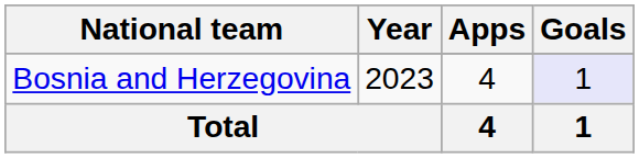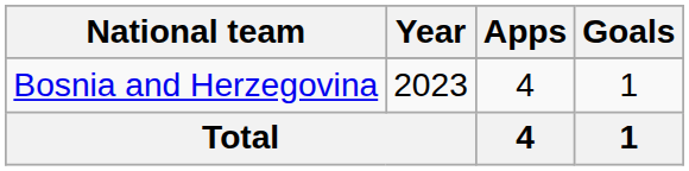 <table class="wikitable" style="text-align:center">
 <tr>
 <th>National team</th>
 <th>Year</th>
 <th>Apps</th>
 <th>Goals</th>
 </tr>
 <tr>
 <td rowspan=2><a href='#'>Bosnia and Herzegovina</a></td>
 </tr>
 <tr>
 <td>2023</td>
 <td>4</td>
-<td style="background: lavender;">1</td>
+<td>1</td>
 </tr>
 <tr>
 <th colspan=2>Total</th>
 <th>4</th>
 <th>1</th>
 </tr>
 </table>
